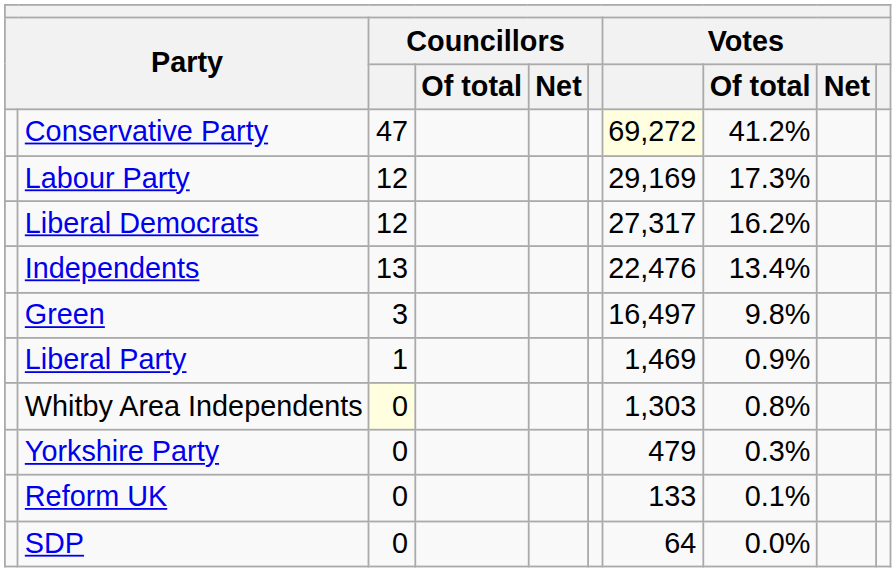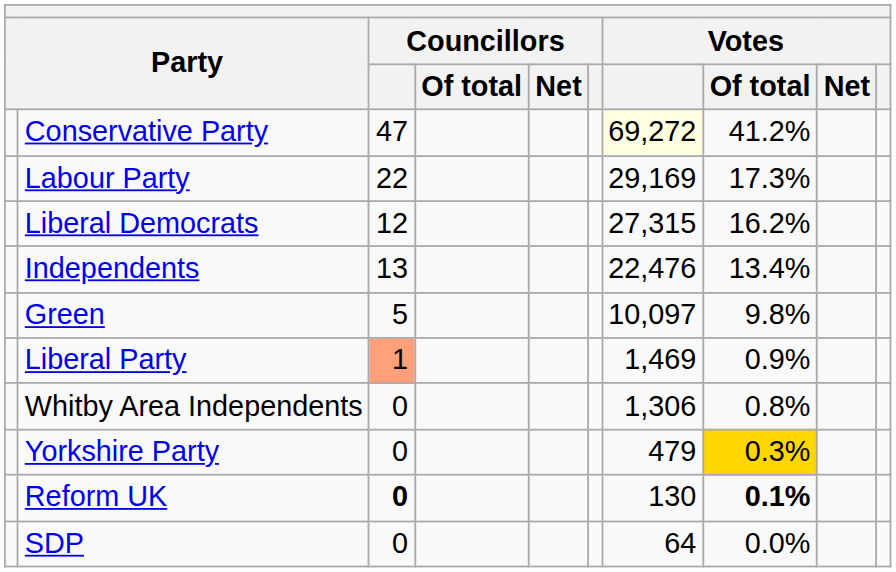 <table class="wikitable sortable" style="text-align:center;">
 <tr>
 <th colspan="10"></th>
 </tr>
 <tr>
 <th colspan="2" rowspan="2">Party</th>
 <th colspan="4">Councillors</th>
 <th colspan="4">Votes</th>
 </tr>
 <tr>
 <th></th>
 <th>Of total</th>
 <th>Net</th>
 <th class="unsortable"></th>
 <th></th>
 <th>Of total</th>
 <th>Net</th>
 <th class="unsortable"></th>
 </tr>
 <tr>
 <td style="background:"></td>
 <td style="text-align:left;"><a href='#'>Conservative Party</a></td>
 <td style="text-align:right;">47</td>
 <td style="text-align:right;"></td>
 <td style="text-align:right;"></td>
 <td data-sort-value=""></td>
 <td style="background: lightyellow; text-align:right;">69,272</td>
 <td style="text-align:right;">41.2%</td>
 <td style="text-align:right;"></td>
 <td></td>
 </tr>
 <tr>
 <td style="background:"></td>
 <td style="text-align:left;"><a href='#'>Labour Party</a></td>
-<td style="text-align:right;">12</td>
+<td style="text-align:right;">22</td>
 <td style="text-align:right;"></td>
 <td style="text-align:right;"></td>
 <td data-sort-value=""></td>
 <td style="text-align:right;">29,169</td>
 <td style="text-align:right;">17.3%</td>
 <td style="text-align:right;"></td>
 <td></td>
 </tr>
 <tr>
 <td style="background:"></td>
 <td style="text-align:left;"><a href='#'>Liberal Democrats</a></td>
 <td style="text-align:right;">12</td>
 <td style="text-align:right;"></td>
 <td style="text-align:right;"></td>
 <td data-sort-value=""></td>
-<td style="text-align:right;">27,317</td>
+<td style="text-align:right;">27,315</td>
 <td style="text-align:right;">16.2%</td>
 <td style="text-align:right;"></td>
 <td></td>
 </tr>
 <tr>
 <td style="background:"></td>
 <td style="text-align:left;"><a href='#'>Independents</a></td>
 <td style="text-align:right;">13</td>
 <td style="text-align:right;"></td>
 <td style="text-align:right;"></td>
 <td data-sort-value=""></td>
 <td style="text-align:right;">22,476</td>
 <td style="text-align:right;">13.4%</td>
 <td style="text-align:right;"></td>
 <td></td>
 </tr>
 <tr>
 <td style="background:"></td>
 <td style="text-align:left;"><a href='#'>Green</a></td>
-<td style="text-align:right;">3</td>
+<td style="text-align:right;">5</td>
 <td style="text-align:right;"></td>
 <td style="text-align:right;"></td>
 <td data-sort-value=""></td>
-<td style="text-align:right;">16,497</td>
+<td style="text-align:right;">10,097</td>
 <td style="text-align:right;">9.8%</td>
 <td style="text-align:right;"></td>
 <td></td>
 </tr>
 <tr>
 <td style="background:"></td>
 <td style="text-align:left;"><a href='#'>Liberal Party</a></td>
-<td style="text-align:right;">1</td>
+<td style="background: lightsalmon; text-align:right;">1</td>
 <td style="text-align:right;"></td>
 <td style="text-align:right;"></td>
 <td data-sort-value=""></td>
 <td style="text-align:right;">1,469</td>
 <td style="text-align:right;">0.9%</td>
 <td style="text-align:right;"></td>
 <td></td>
 </tr>
 <tr>
 <td style="background:"></td>
 <td style="text-align:left;">Whitby Area Independents</td>
-<td style="background: lightyellow; text-align:right;">0</td>
+<td style="text-align:right;">0</td>
 <td style="text-align:right;"></td>
 <td style="text-align:right;"></td>
 <td data-sort-value=""></td>
-<td style="text-align:right;">1,303</td>
+<td style="text-align:right;">1,306</td>
 <td style="text-align:right;">0.8%</td>
 <td style="text-align:right;"></td>
 <td></td>
 </tr>
 <tr>
 <td style="background:"></td>
 <td style="text-align:left;"><a href='#'>Yorkshire Party</a></td>
 <td style="text-align:right;">0</td>
 <td style="text-align:right;"></td>
 <td style="text-align:right;"></td>
 <td data-sort-value=""></td>
 <td style="text-align:right;">479</td>
-<td style="text-align:right;">0.3%</td>
+<td style="background: gold; text-align:right;">0.3%</td>
 <td style="text-align:right;"></td>
 <td></td>
 </tr>
 <tr>
 <td style="background:"></td>
 <td style="text-align:left;"><a href='#'>Reform UK</a></td>
-<td style="text-align:right;">0</td>
+<td style="text-align:right;"><strong>0</strong></td>
 <td style="text-align:right;"></td>
 <td style="text-align:right;"></td>
 <td data-sort-value=""></td>
-<td style="text-align:right;">133</td>
-<td style="text-align:right;">0.1%</td>
+<td style="text-align:right;">130</td>
+<td style="text-align:right;"><strong>0.1%</strong></td>
 <td style="text-align:right;"></td>
 <td></td>
 </tr>
 <tr>
 <td style="background:"></td>
 <td style="text-align:left;"><a href='#'>SDP</a></td>
 <td style="text-align:right;">0</td>
 <td style="text-align:right;"></td>
 <td style="text-align:right;"></td>
 <td data-sort-value=""></td>
 <td style="text-align:right;">64</td>
 <td style="text-align:right;">0.0%</td>
 <td style="text-align:right;"></td>
 <td></td>
 </tr>
 </table>
